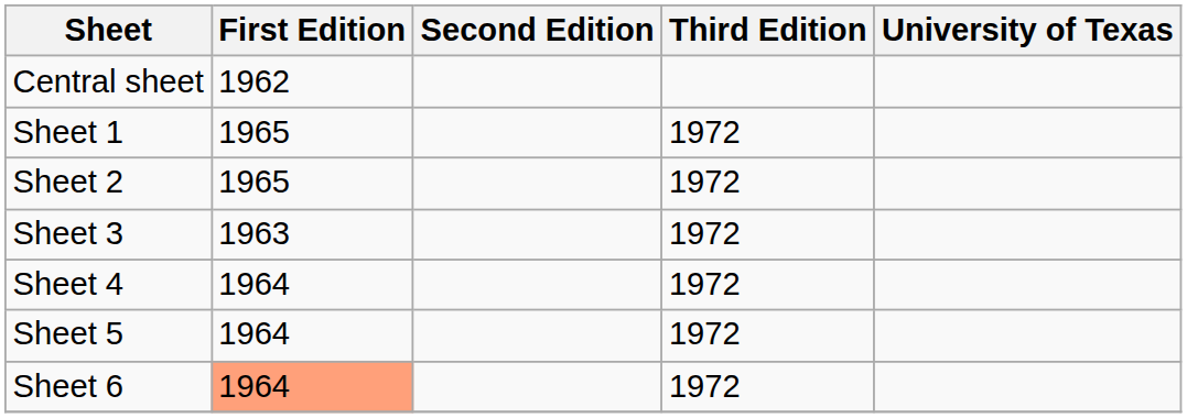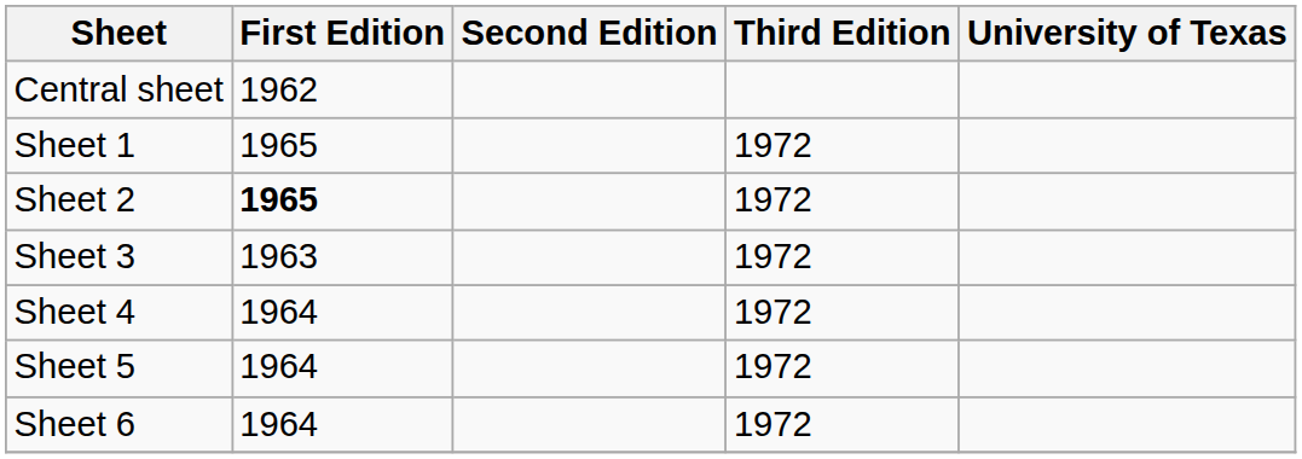 <table class="wikitable">
 <tr>
 <th>Sheet</th>
 <th>First Edition</th>
 <th>Second Edition</th>
 <th>Third Edition</th>
 <th>University of Texas</th>
 </tr>
 <tr>
 <td>Central sheet</td>
 <td>1962</td>
 <td></td>
 <td></td>
 <td></td>
 </tr>
 <tr>
 <td>Sheet 1</td>
 <td>1965</td>
 <td></td>
 <td>1972</td>
 <td></td>
 </tr>
 <tr>
 <td>Sheet 2</td>
-<td>1965</td>
+<td><strong>1965</strong></td>
 <td></td>
 <td>1972</td>
 <td></td>
 </tr>
 <tr>
 <td>Sheet 3</td>
 <td>1963</td>
 <td></td>
 <td>1972</td>
 <td></td>
 </tr>
 <tr>
 <td>Sheet 4</td>
 <td>1964</td>
 <td></td>
 <td>1972</td>
 <td></td>
 </tr>
 <tr>
 <td>Sheet 5</td>
 <td>1964</td>
 <td></td>
 <td>1972</td>
 <td></td>
 </tr>
 <tr>
 <td>Sheet 6</td>
-<td style="background: lightsalmon;">1964</td>
+<td>1964</td>
 <td></td>
 <td>1972</td>
 <td></td>
 </tr>
 <tr>
 </tr>
 </table>
